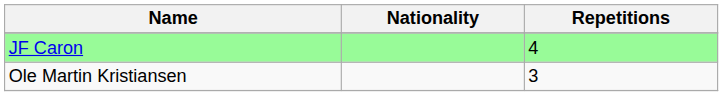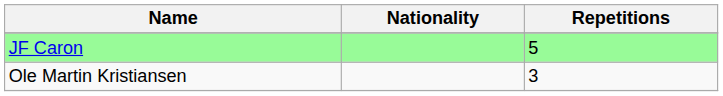 <table class="wikitable" style="display: inline-table; width: 50%;">
 <tr>
 <th>Name</th>
 <th>Nationality</th>
 <th>Repetitions</th>
 </tr>
 <tr>
 </tr>
 <tr style="background:palegreen">
 <td><a href='#'>JF Caron</a></td>
 <td></td>
-<td>4</td>
+<td>5</td>
 </tr>
 <tr>
 <td>Ole Martin Kristiansen</td>
 <td></td>
 <td>3</td>
 </tr>
 <tr>
 </tr>
 </table>
